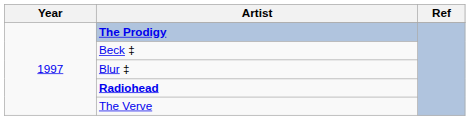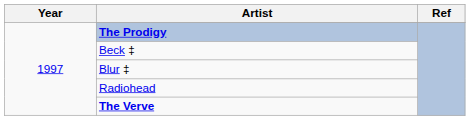 <table class="wikitable" style="width:50%;">
 <tr style="background:#bebebe;">
 <th style="width:10%;">Year</th>
 <th style="width:35%;">Artist</th>
 <th style="width:5%;">Ref</th>
 </tr>
 <tr>
 <td rowspan="6" align="center"><a href='#'>1997</a></td>
 </tr>
 <tr style="background:#B0C4DE">
 <td><strong><a href='#'>The Prodigy</a></strong></td>
 <td rowspan="6" align="center"></td>
 </tr>
 <tr>
 <td><a href='#'>Beck</a> ‡</td>
 </tr>
 <tr>
 <td><a href='#'>Blur</a> ‡</td>
 </tr>
 <tr>
-<td><strong><a href='#'>Radiohead</a></strong></td>
+<td><a href='#'>Radiohead</a></td>
 </tr>
 <tr>
-<td><a href='#'>The Verve</a></td>
+<td><strong><a href='#'>The Verve</a></strong></td>
 </tr>
 </table>
